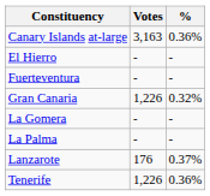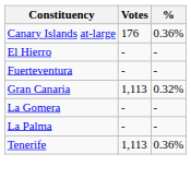 <table class="wikitable" style="display: inline-table;">
 <tr>
 <th>Constituency</th>
 <th>Votes</th>
 <th>%</th>
 </tr>
 <tr>
 <td><a href='#'>Canary Islands</a> <a href='#'>at-large</a></td>
-<td>3,163</td>
+<td>176</td>
 <td>0.36%</td>
 </tr>
 <tr>
 <td><a href='#'>El Hierro</a></td>
 <td>-</td>
 <td>-</td>
 </tr>
 <tr>
 <td><a href='#'>Fuerteventura</a></td>
 <td>-</td>
 <td>-</td>
 </tr>
 <tr>
 <td><a href='#'>Gran Canaria</a></td>
-<td>1,226</td>
+<td>1,113</td>
 <td>0.32%</td>
 </tr>
 <tr>
 <td><a href='#'>La Gomera</a></td>
 <td>-</td>
 <td>-</td>
 </tr>
 <tr>
 <td><a href='#'>La Palma</a></td>
 <td>-</td>
 <td>-</td>
 </tr>
 <tr>
-<td><a href='#'>Lanzarote</a></td>
-<td>176</td>
-<td>0.37%</td>
-</tr>
-<tr>
 <td><a href='#'>Tenerife</a></td>
-<td>1,226</td>
+<td>1,113</td>
 <td>0.36%</td>
 </tr>
 </table>
